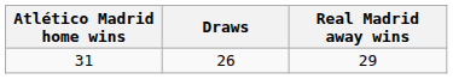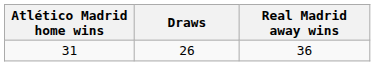 <table class="wikitable" text-align:center">
 <tr>
 <th width=125>Atlético Madrid<br>home wins</th>
 <th width=100>Draws</th>
 <th width=125>Real Madrid<br>away wins</th>
 </tr>
 <tr>
 <td align="center">31</td>
 <td align="center">26</td>
-<td align="center">29</td>
+<td align="center">36</td>
 </tr>
 </table>
